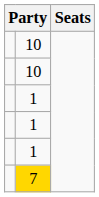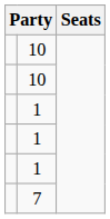 <table class="wikitable" style="font-size: 95%;">
 <tr>
 <th colspan=2>Party</th>
 <th>Seats</th>
 </tr>
 <tr>
 <td></td>
 <td align="center">10</td>
 </tr>
 <tr>
 <td></td>
 <td align="center">10</td>
 </tr>
 <tr>
 <td></td>
 <td align="center">1</td>
 </tr>
 <tr>
 <td></td>
 <td align="center">1</td>
 </tr>
 <tr>
 <td></td>
 <td align="center">1</td>
 </tr>
 <tr>
 <td></td>
-<td align="center" style="background: gold;">7</td>
+<td align="center">7</td>
 </tr>
 </table>
